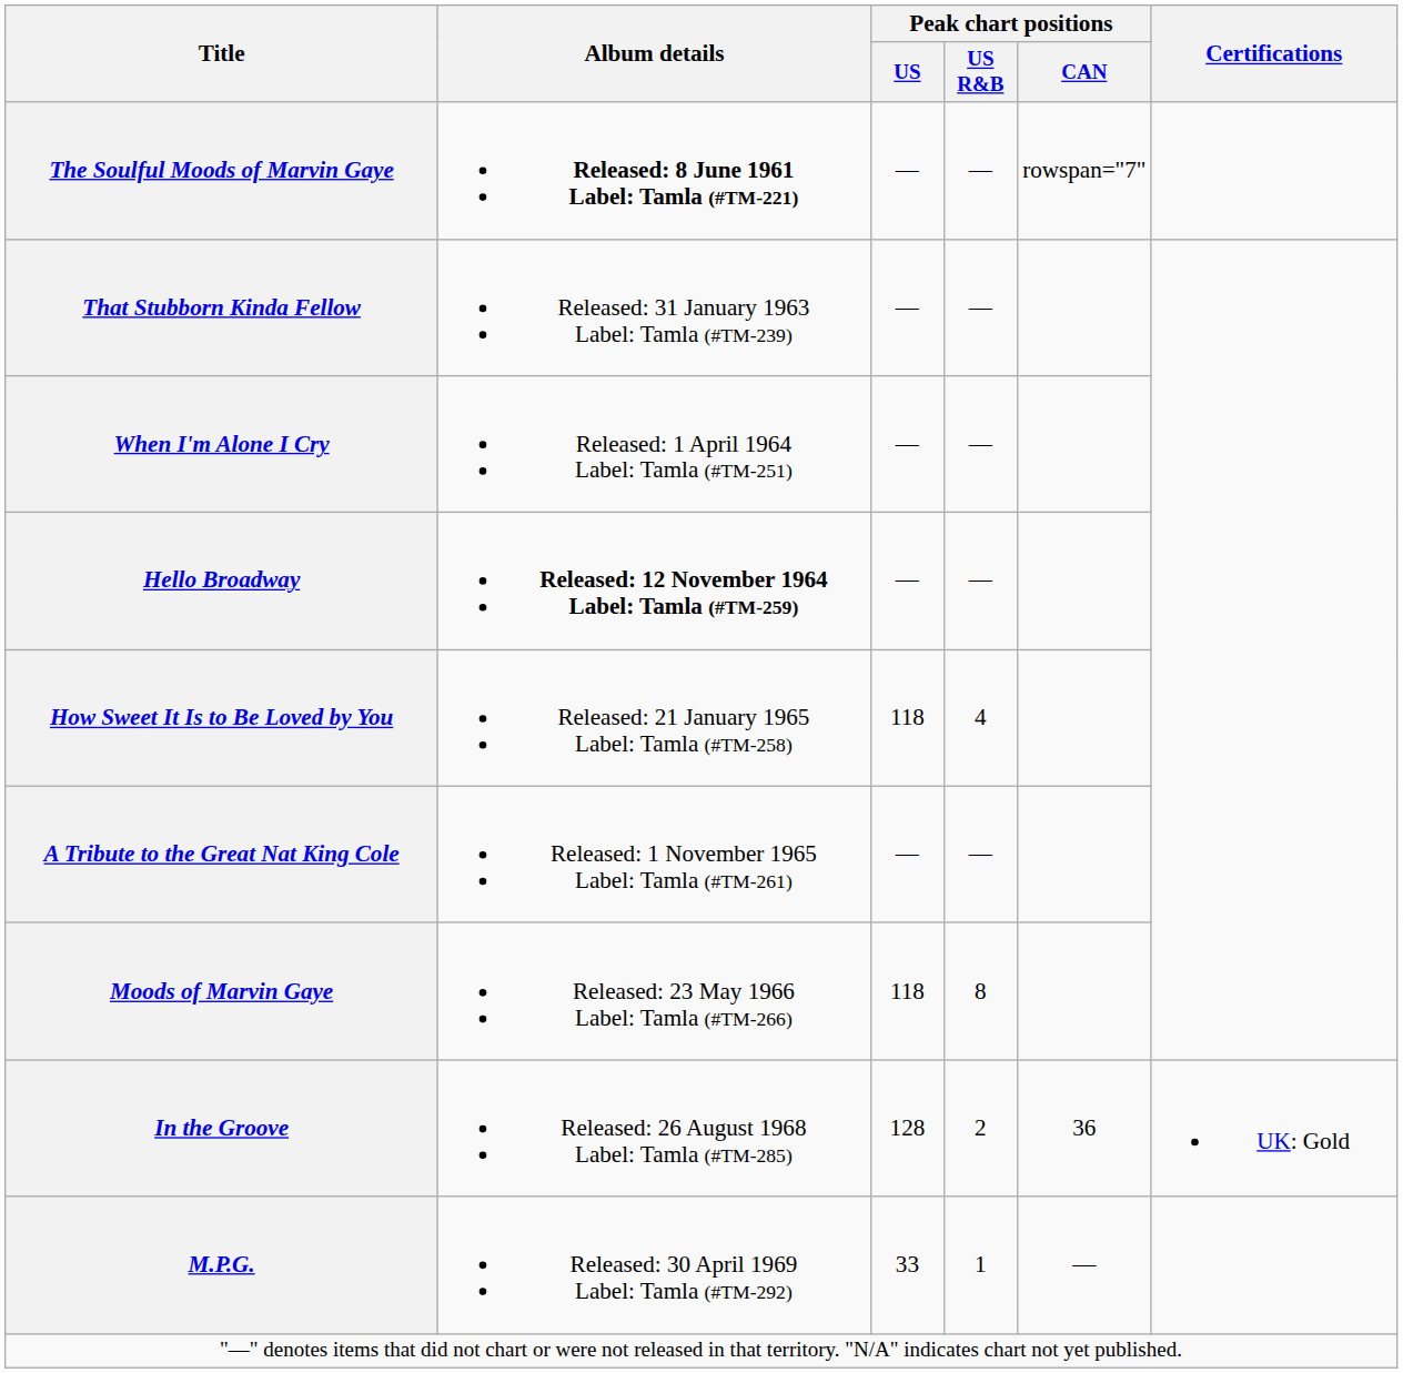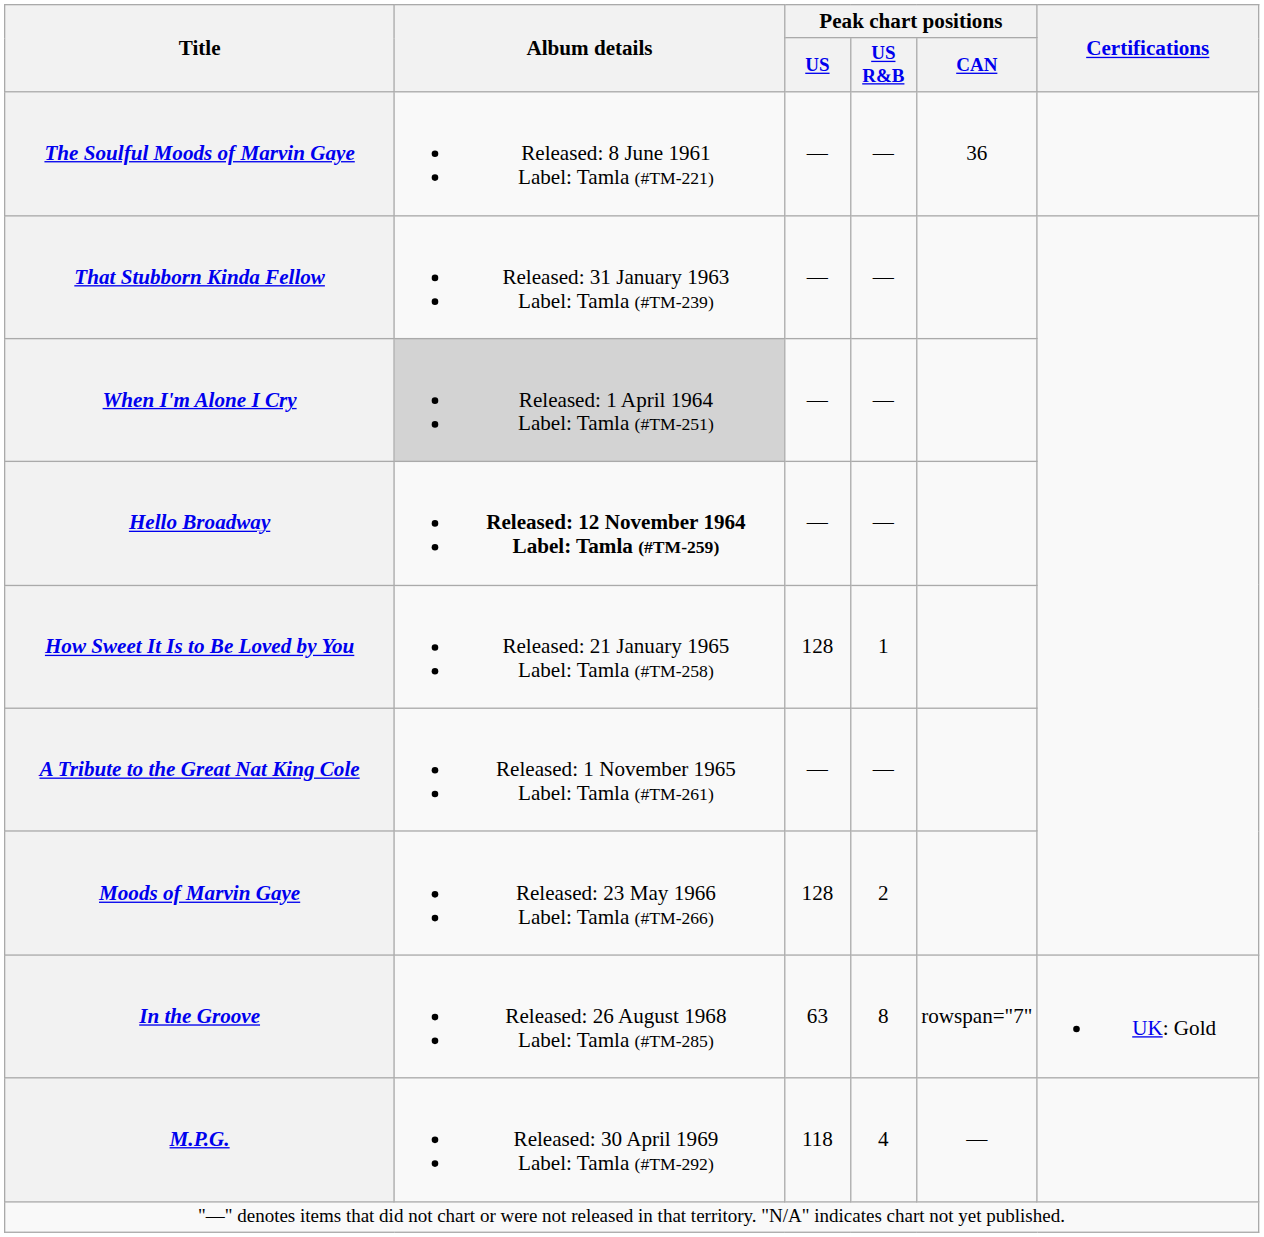 <table class="wikitable plainrowheaders" style="text-align:center;">
 <tr>
 <th scope="col" rowspan="2" style="width:18em;">Title</th>
 <th scope="col" rowspan="2" style="width:18em;">Album details</th>
 <th scope="col" colspan="3">Peak chart positions</th>
 <th scope="col" rowspan="2" style="width:10em;"><a href='#'>Certifications</a></th>
 </tr>
 <tr>
 <th style="width:3em;font-size:90%;"><a href='#'>US</a><br></th>
 <th style="width:3em;font-size:90%;"><a href='#'>US<br>R&B</a><br></th>
 <th style="width:3em;font-size:90%;"><a href='#'>CAN</a><br></th>
 </tr>
 <tr>
 <th scope="row"><em><a href='#'>The Soulful Moods of Marvin Gaye</a></em></th>
-<td><strong><br><ul><li>Released: 8 June 1961</li><li>Label: Tamla <small>(#TM-221)</small></li></ul></strong></td>
+<td><br><ul><li>Released: 8 June 1961</li><li>Label: Tamla <small>(#TM-221)</small></li></ul></td>
 <td>—</td>
 <td>—</td>
-<td>rowspan="7" </td>
+<td>36</td>
 <td></td>
 </tr>
 <tr>
 <th scope="row"><em><a href='#'>That Stubborn Kinda Fellow</a></em></th>
 <td><br><ul><li>Released: 31 January 1963</li><li>Label: Tamla <small>(#TM-239)</small></li></ul></td>
 <td>—</td>
 <td>—</td>
 <td></td>
 </tr>
 <tr>
 <th scope="row"><em><a href='#'>When I'm Alone I Cry</a></em></th>
-<td><br><ul><li>Released: 1 April 1964</li><li>Label: Tamla <small>(#TM-251)</small></li></ul></td>
+<td style="background: lightgrey;"><br><ul><li>Released: 1 April 1964</li><li>Label: Tamla <small>(#TM-251)</small></li></ul></td>
 <td>—</td>
 <td>—</td>
 <td></td>
 </tr>
 <tr>
 <th scope="row"><em><a href='#'>Hello Broadway</a></em></th>
 <td><strong><br><ul><li>Released: 12 November 1964</li><li>Label: Tamla <small>(#TM-259)</small></li></ul></strong></td>
 <td>—</td>
 <td>—</td>
 <td></td>
 </tr>
 <tr>
 <th scope="row"><em><a href='#'>How Sweet It Is to Be Loved by You</a></em></th>
 <td><br><ul><li>Released: 21 January 1965</li><li>Label: Tamla <small>(#TM-258)</small></li></ul></td>
-<td>118</td>
-<td>4</td>
+<td>128</td>
+<td>1</td>
 <td></td>
 </tr>
 <tr>
 <th scope="row"><em><a href='#'>A Tribute to the Great Nat King Cole</a></em></th>
 <td><br><ul><li>Released: 1 November 1965</li><li>Label: Tamla <small>(#TM-261)</small></li></ul></td>
 <td>—</td>
 <td>—</td>
 <td></td>
 </tr>
 <tr>
 <th scope="row"><em><a href='#'>Moods of Marvin Gaye</a></em></th>
 <td><br><ul><li>Released: 23 May 1966</li><li>Label: Tamla <small>(#TM-266)</small></li></ul></td>
-<td>118</td>
-<td>8</td>
+<td>128</td>
+<td>2</td>
 <td></td>
 </tr>
 <tr>
 <th scope="row"><em><a href='#'>In the Groove</a></em></th>
 <td><br><ul><li>Released: 26 August 1968</li><li>Label: Tamla <small>(#TM-285)</small></li></ul></td>
-<td>128</td>
-<td>2</td>
-<td>36</td>
+<td>63</td>
+<td>8</td>
+<td>rowspan="7" </td>
 <td><br><ul><li><a href='#'>UK</a>: Gold</li></ul></td>
 </tr>
 <tr>
 <th scope="row"><em><a href='#'>M.P.G.</a></em></th>
 <td><br><ul><li>Released: 30 April 1969</li><li>Label: Tamla <small>(#TM-292)</small></li></ul></td>
-<td>33</td>
-<td>1</td>
+<td>118</td>
+<td>4</td>
 <td>—</td>
 <td></td>
 </tr>
 <tr>
 <td align="center" colspan="15" style="font-size:90%">"—" denotes items that did not chart or were not released in that territory. "N/A" indicates chart not yet published.</td>
 </tr>
 </table>
